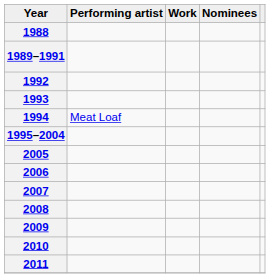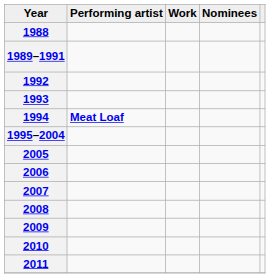 <table class="wikitable sortable plainrowheaders">
 <tr>
 <th scope="col" style="background:#efefef;">Year</th>
 <th scope="col" style="background:#efefef;">Performing artist</th>
 <th scope="col" style="background:#efefef;">Work</th>
 <th scope="col" style="background:#efefef;" class="unsortable">Nominees</th>
 <th scope="col" style="background:#efefef;" class="unsortable"></th>
 </tr>
 <tr>
 <th scope="row" style="text-align:center;"><a href='#'>1988</a></th>
 <td></td>
 <td></td>
 <td></td>
 <td style="text-align:center;"></td>
 </tr>
 <tr>
 <th scope="row" style="text-align:center;"><a href='#'>1989</a>–<a href='#'>1991</a></th>
 <td></td>
 <td></td>
 <td></td>
 <td style="text-align:center;"><br><br></td>
 </tr>
 <tr>
 <th scope="row" style="text-align:center;"><a href='#'>1992</a></th>
 <td></td>
 <td></td>
 <td></td>
 <td style="text-align:center;"></td>
 </tr>
 <tr>
 <th scope="row" style="text-align:center;"><a href='#'>1993</a></th>
 <td></td>
 <td></td>
 <td></td>
 <td style="text-align:center;"></td>
 </tr>
 <tr>
 <th scope="row" style="text-align:center;"><a href='#'>1994</a></th>
-<td><a href='#'>Meat Loaf</a></td>
+<td><strong><a href='#'>Meat Loaf</a></strong></td>
 <td></td>
 <td></td>
 <td style="text-align:center;"></td>
 </tr>
 <tr>
 <th scope="row"><a href='#'>1995</a>–<a href='#'>2004</a></th>
 <td></td>
 <td></td>
 <td></td>
 <td></td>
 </tr>
 <tr>
 <th scope="row" style="text-align:center;"><a href='#'>2005</a></th>
 <td></td>
 <td></td>
 <td></td>
 <td style="text-align:center;"></td>
 </tr>
 <tr>
 <th scope="row" style="text-align:center;"><a href='#'>2006</a></th>
 <td></td>
 <td></td>
 <td></td>
 <td style="text-align:center;"></td>
 </tr>
 <tr>
 <th scope="row" style="text-align:center;"><a href='#'>2007</a></th>
 <td></td>
 <td></td>
 <td></td>
 <td style="text-align:center;"></td>
 </tr>
 <tr>
 <th scope="row" style="text-align:center;"><a href='#'>2008</a></th>
 <td></td>
 <td></td>
 <td></td>
 <td style="text-align:center;"></td>
 </tr>
 <tr>
 <th scope="row" style="text-align:center;"><a href='#'>2009</a></th>
 <td></td>
 <td></td>
 <td></td>
 <td style="text-align:center;"></td>
 </tr>
 <tr>
 <th scope="row" style="text-align:center;"><a href='#'>2010</a></th>
 <td></td>
 <td></td>
 <td></td>
 <td style="text-align:center;"></td>
 </tr>
 <tr>
 <th scope="row" style="text-align:center;"><a href='#'>2011</a></th>
 <td></td>
 <td></td>
 <td></td>
 <td style="text-align:center;"></td>
 </tr>
 <tr>
 </tr>
 </table>
